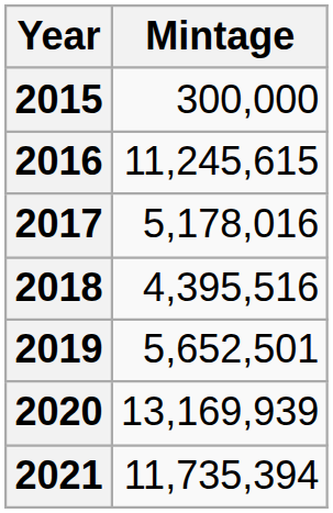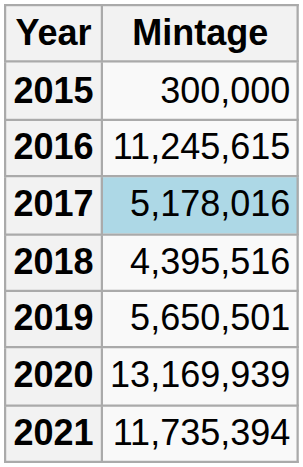 <table class="wikitable" style="text-align:right; display:inline-table;">
 <tr>
 <th>Year</th>
 <th>Mintage </th>
 </tr>
 <tr>
 <th>2015</th>
 <td>300,000</td>
 </tr>
 <tr>
 <th>2016</th>
 <td>11,245,615</td>
 </tr>
 <tr>
 <th>2017</th>
-<td>5,178,016</td>
+<td style="background: lightblue;">5,178,016</td>
 </tr>
 <tr>
 <th>2018</th>
 <td>4,395,516</td>
 </tr>
 <tr>
 <th>2019</th>
-<td>5,652,501</td>
+<td>5,650,501</td>
 </tr>
 <tr>
 <th>2020</th>
 <td>13,169,939</td>
 </tr>
 <tr>
 <th>2021</th>
 <td>11,735,394</td>
 </tr>
 </table>
